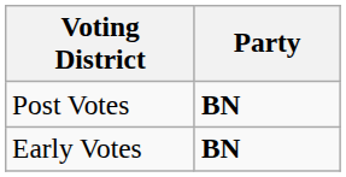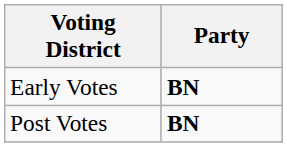 <table class ="wikitable sortable">
 <tr>
 <th style="width:100px;">Voting District</th>
 <th style="width:75px;">Party</th>
 </tr>
 <tr>
+<td>Early Votes</td>
+<td><strong>BN</strong></td>
+</tr>
+<tr>
 <td>Post Votes</td>
 <td><strong>BN</strong></td>
 </tr>
-<tr>
-<td>Early Votes</td>
-<td><strong>BN</strong></td>
-</tr>
 </table>
